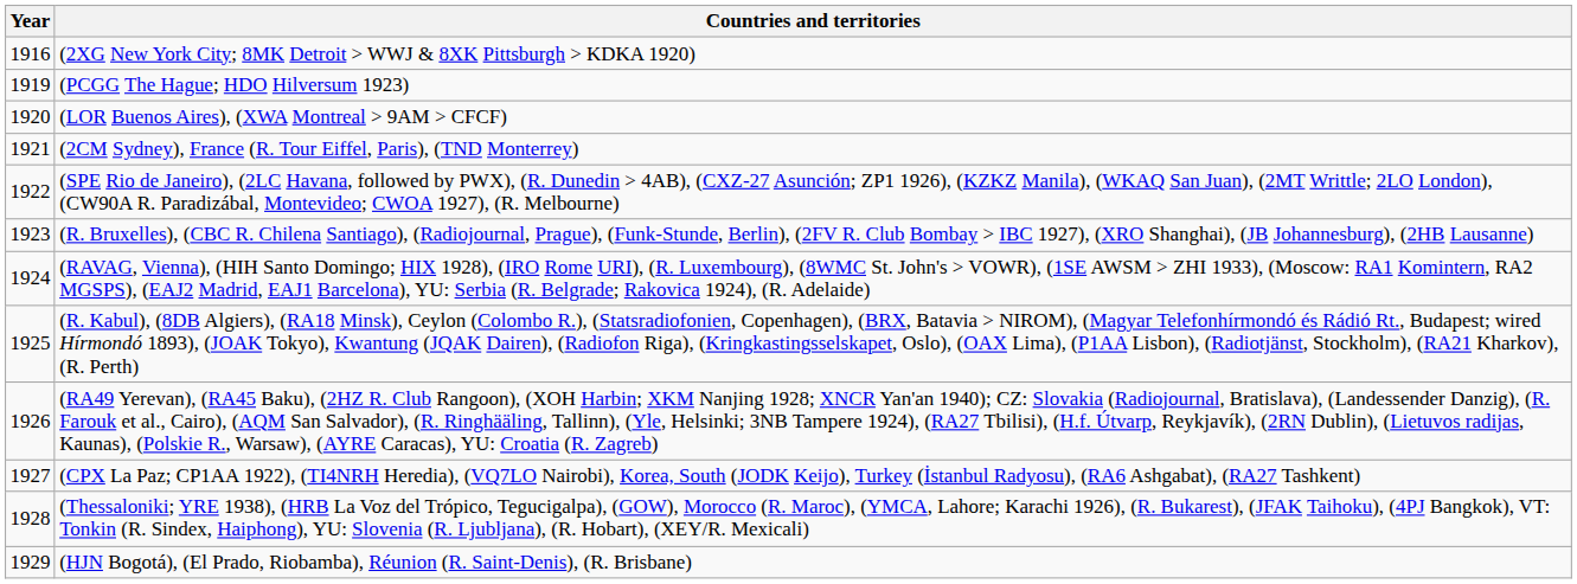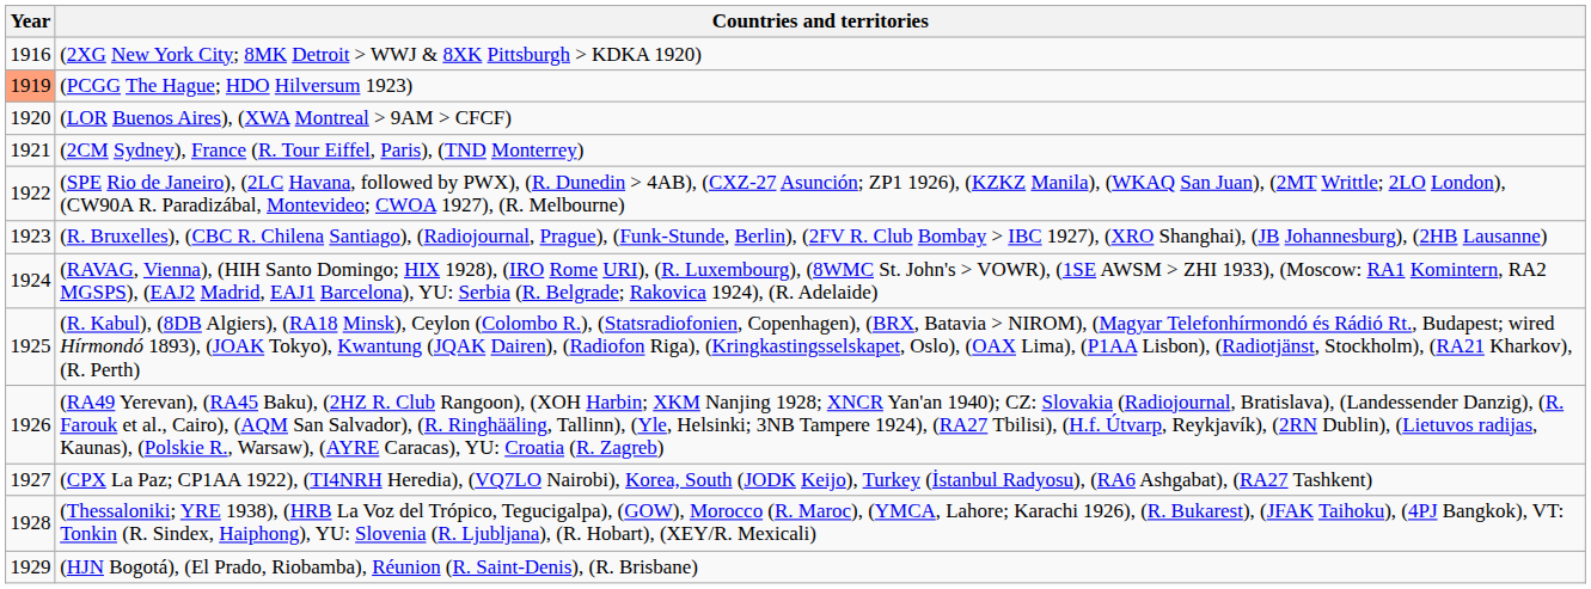 <table class="wikitable">
 <tr>
 <th>Year</th>
 <th>Countries and territories</th>
 </tr>
 <tr>
 <td>1916</td>
 <td> (<a href='#'>2XG</a> <a href='#'>New York City</a>; <a href='#'>8MK</a> <a href='#'>Detroit</a> > WWJ & <a href='#'>8XK</a> <a href='#'>Pittsburgh</a> > KDKA 1920)</td>
 </tr>
 <tr>
-<td>1919</td>
+<td style="background: lightsalmon;">1919</td>
 <td> (<a href='#'>PCGG</a> <a href='#'>The Hague</a>; <a href='#'>HDO</a> <a href='#'>Hilversum</a> 1923)</td>
 </tr>
 <tr>
 <td>1920</td>
 <td> (<a href='#'>LOR</a> <a href='#'>Buenos Aires</a>),  (<a href='#'>XWA</a> <a href='#'>Montreal</a> > 9AM > CFCF)</td>
 </tr>
 <tr>
 <td>1921</td>
 <td> (<a href='#'>2CM</a> <a href='#'>Sydney</a>),  <a href='#'>France</a> (<a href='#'>R. Tour Eiffel</a>, <a href='#'>Paris</a>),  (<a href='#'>TND</a> <a href='#'>Monterrey</a>)</td>
 </tr>
 <tr>
 <td>1922</td>
 <td> (<a href='#'>SPE</a> <a href='#'>Rio de Janeiro</a>),  (<a href='#'>2LC</a> <a href='#'>Havana</a>, followed by PWX),  (<a href='#'>R. Dunedin</a> > 4AB),  (<a href='#'>CXZ-27</a> <a href='#'>Asunción</a>; ZP1 1926),  (<a href='#'>KZKZ</a> <a href='#'>Manila</a>),  (<a href='#'>WKAQ</a> <a href='#'>San Juan</a>),  (<a href='#'>2MT</a> <a href='#'>Writtle</a>; <a href='#'>2LO</a> <a href='#'>London</a>),  (CW90A R. Paradizábal, <a href='#'>Montevideo</a>; <a href='#'>CWOA</a> 1927),  (R. Melbourne)</td>
 </tr>
 <tr>
 <td>1923</td>
 <td> (<a href='#'>R. Bruxelles</a>),  (<a href='#'>CBC R. Chilena</a> <a href='#'>Santiago</a>),  (<a href='#'>Radiojournal</a>, <a href='#'>Prague</a>),  (<a href='#'>Funk-Stunde</a>, <a href='#'>Berlin</a>),  (<a href='#'>2FV R. Club</a> <a href='#'>Bombay</a> > <a href='#'>IBC</a> 1927),  (<a href='#'>XRO</a> Shanghai),  (<a href='#'>JB</a> <a href='#'>Johannesburg</a>),  (<a href='#'>2HB</a> <a href='#'>Lausanne</a>)</td>
 </tr>
 <tr>
 <td>1924</td>
 <td> (<a href='#'>RAVAG</a>, <a href='#'>Vienna</a>),  (HIH Santo Domingo; <a href='#'>HIX</a> 1928),  (<a href='#'>IRO</a> <a href='#'>Rome</a> <a href='#'>URI</a>),  (<a href='#'>R. Luxembourg</a>),  (<a href='#'>8WMC</a> St. John's > VOWR),  (<a href='#'>1SE</a> AWSM > ZHI 1933),  (Moscow: <a href='#'>RA1</a> <a href='#'>Komintern</a>, RA2 <a href='#'>MGSPS</a>),  (<a href='#'>EAJ2</a> <a href='#'>Madrid</a>, <a href='#'>EAJ1</a> <a href='#'>Barcelona</a>),  YU: <a href='#'>Serbia</a> (<a href='#'>R. Belgrade</a>; <a href='#'>Rakovica</a> 1924),  (R. Adelaide)</td>
 </tr>
 <tr>
 <td>1925</td>
 <td> (<a href='#'>R. Kabul</a>),  (<a href='#'>8DB</a> Algiers),  (<a href='#'>RA18</a> <a href='#'>Minsk</a>),  Ceylon (<a href='#'>Colombo R.</a>),  (<a href='#'>Statsradiofonien</a>, Copenhagen),  (<a href='#'>BRX</a>, Batavia > NIROM),  (<a href='#'>Magyar Telefonhírmondó és Rádió Rt.</a>, Budapest; wired <em>Hírmondó</em> 1893),  (<a href='#'>JOAK</a> Tokyo),  <a href='#'>Kwantung</a> (<a href='#'>JQAK</a> <a href='#'>Dairen</a>),  (<a href='#'>Radiofon</a> Riga),  (<a href='#'>Kringkastingsselskapet</a>, Oslo),  (<a href='#'>OAX</a> Lima),  (<a href='#'>P1AA</a> Lisbon),  (<a href='#'>Radiotjänst</a>, Stockholm),  (<a href='#'>RA21</a> Kharkov),  (R. Perth)</td>
 </tr>
 <tr>
 <td>1926</td>
 <td> (<a href='#'>RA49</a> Yerevan),  (<a href='#'>RA45</a> Baku),  (<a href='#'>2HZ R. Club</a> Rangoon),  (XOH <a href='#'>Harbin</a>;  <a href='#'>XKM</a> Nanjing 1928;  <a href='#'>XNCR</a> Yan'an 1940);  CZ: <a href='#'>Slovakia</a> (<a href='#'>Radiojournal</a>, Bratislava),  (Landessender Danzig),  (<a href='#'>R. Farouk</a> et al., Cairo),  (<a href='#'>AQM</a> San Salvador),  (<a href='#'>R. Ringhääling</a>, Tallinn),  (<a href='#'>Yle</a>, Helsinki; 3NB Tampere 1924),  (<a href='#'>RA27</a> Tbilisi),  (<a href='#'>H.f. Útvarp</a>, Reykjavík),  (<a href='#'>2RN</a> Dublin),  (<a href='#'>Lietuvos radijas</a>, Kaunas),  (<a href='#'>Polskie R.</a>, Warsaw),  (<a href='#'>AYRE</a> Caracas),  YU: <a href='#'>Croatia</a> (<a href='#'>R. Zagreb</a>)</td>
 </tr>
 <tr>
 <td>1927</td>
 <td> (<a href='#'>CPX</a> La Paz; CP1AA 1922),  (<a href='#'>TI4NRH</a> Heredia),  (<a href='#'>VQ7LO</a> Nairobi),  <a href='#'>Korea, South</a> (<a href='#'>JODK</a> <a href='#'>Keijo</a>),  <a href='#'>Turkey</a> (<a href='#'>İstanbul Radyosu</a>),  (<a href='#'>RA6</a> Ashgabat),  (<a href='#'>RA27</a> Tashkent)</td>
 </tr>
 <tr>
 <td>1928</td>
 <td> (<a href='#'>Thessaloniki</a>; <a href='#'>YRE</a> 1938),  (<a href='#'>HRB</a> La Voz del Trópico, Tegucigalpa),  (<a href='#'>GOW</a>),  <a href='#'>Morocco</a> (<a href='#'>R. Maroc</a>),  (<a href='#'>YMCA</a>, Lahore; Karachi 1926),  (<a href='#'>R. Bukarest</a>),  (<a href='#'>JFAK</a> <a href='#'>Taihoku</a>),  (<a href='#'>4PJ</a> Bangkok),  VT: <a href='#'>Tonkin</a> (R. Sindex, <a href='#'>Haiphong</a>),  YU: <a href='#'>Slovenia</a> (<a href='#'>R. Ljubljana</a>),  (R. Hobart),  (XEY/R. Mexicali)</td>
 </tr>
 <tr>
 <td>1929</td>
 <td> (<a href='#'>HJN</a> Bogotá),  (El Prado, Riobamba),  <a href='#'>Réunion</a> (<a href='#'>R. Saint-Denis</a>),  (R. Brisbane)</td>
 </tr>
 </table>
